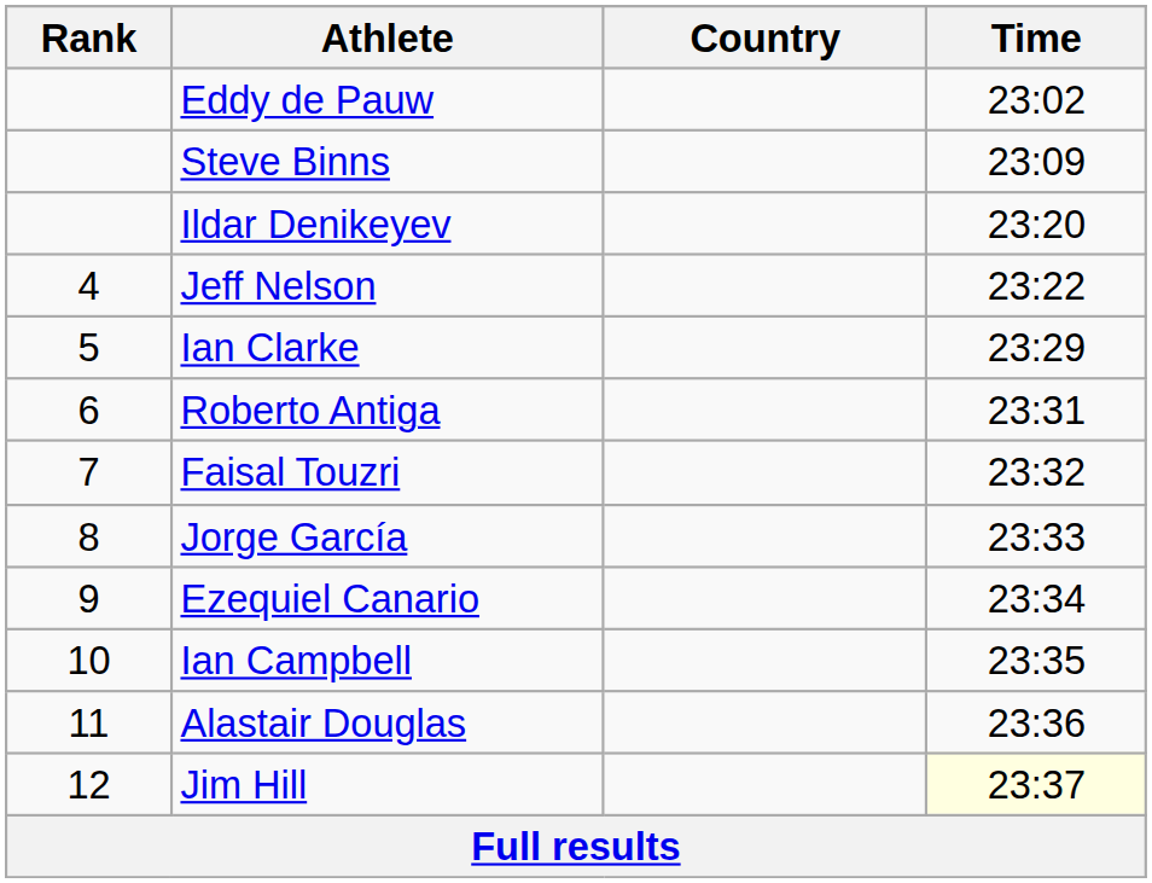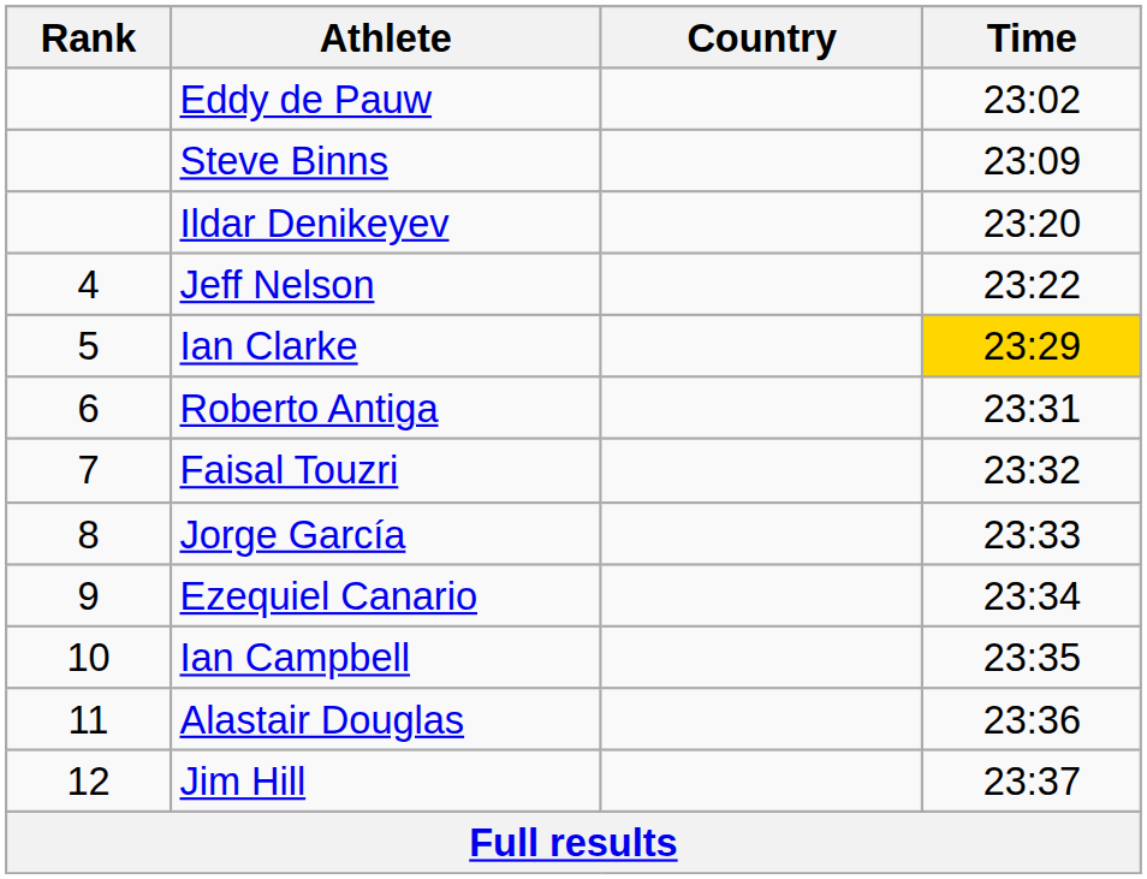 <table class="wikitable sortable" style=" text-align:center; font-size:95%;" width="50%">
 <tr>
 </tr>
 <tr>
 <th width=5%>Rank</th>
 <th width=20%>Athlete</th>
 <th width=15%>Country</th>
 <th width=10%>Time</th>
 </tr>
 <tr>
 <td align=center></td>
 <td align=left><a href='#'>Eddy de Pauw</a></td>
 <td align=left></td>
 <td>23:02</td>
 </tr>
 <tr>
 <td align=center></td>
 <td align=left><a href='#'>Steve Binns</a></td>
 <td align=left></td>
 <td>23:09</td>
 </tr>
 <tr>
 <td align=center></td>
 <td align=left><a href='#'>Ildar Denikeyev</a></td>
 <td align=left></td>
 <td>23:20</td>
 </tr>
 <tr>
 <td align=center>4</td>
 <td align=left><a href='#'>Jeff Nelson</a></td>
 <td align=left></td>
 <td>23:22</td>
 </tr>
 <tr>
 <td align=center>5</td>
 <td align=left><a href='#'>Ian Clarke</a></td>
 <td align=left></td>
-<td>23:29</td>
+<td style="background: gold;">23:29</td>
 </tr>
 <tr>
 <td align=center>6</td>
 <td align=left><a href='#'>Roberto Antiga</a></td>
 <td align=left></td>
 <td>23:31</td>
 </tr>
 <tr>
 <td align=center>7</td>
 <td align=left><a href='#'>Faisal Touzri</a></td>
 <td align=left></td>
 <td>23:32</td>
 </tr>
 <tr>
 <td align=center>8</td>
 <td align=left><a href='#'>Jorge García</a></td>
 <td align=left></td>
 <td>23:33</td>
 </tr>
 <tr>
 <td align=center>9</td>
 <td align=left><a href='#'>Ezequiel Canario</a></td>
 <td align=left></td>
 <td>23:34</td>
 </tr>
 <tr>
 <td align=center>10</td>
 <td align=left><a href='#'>Ian Campbell</a></td>
 <td align=left></td>
 <td>23:35</td>
 </tr>
 <tr>
 <td align=center>11</td>
 <td align=left><a href='#'>Alastair Douglas</a></td>
 <td align=left></td>
 <td>23:36</td>
 </tr>
 <tr>
 <td align=center>12</td>
 <td align=left><a href='#'>Jim Hill</a></td>
 <td align=left></td>
-<td style="background: lightyellow;">23:37</td>
+<td>23:37</td>
 </tr>
 <tr class="sortbottom">
 <th colspan=4 align=center><a href='#'>Full results</a></th>
 </tr>
 </table>
